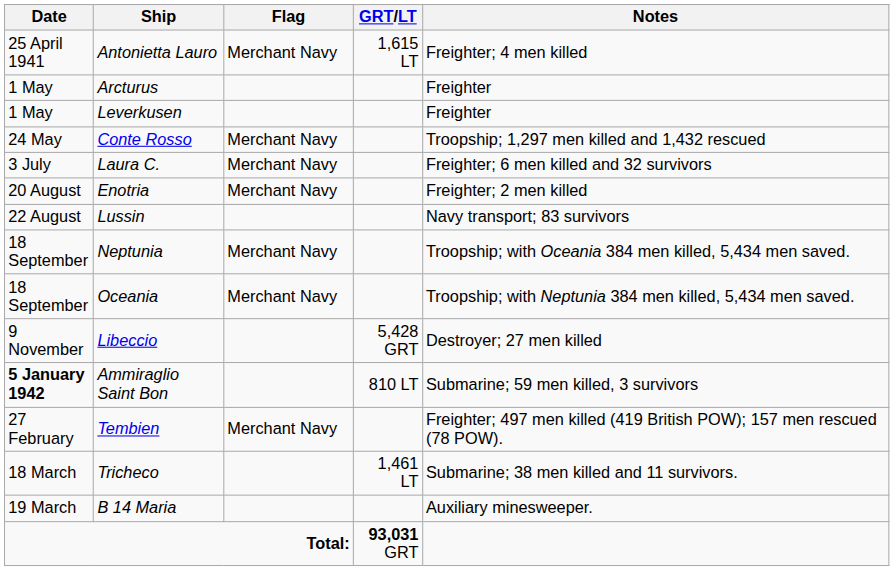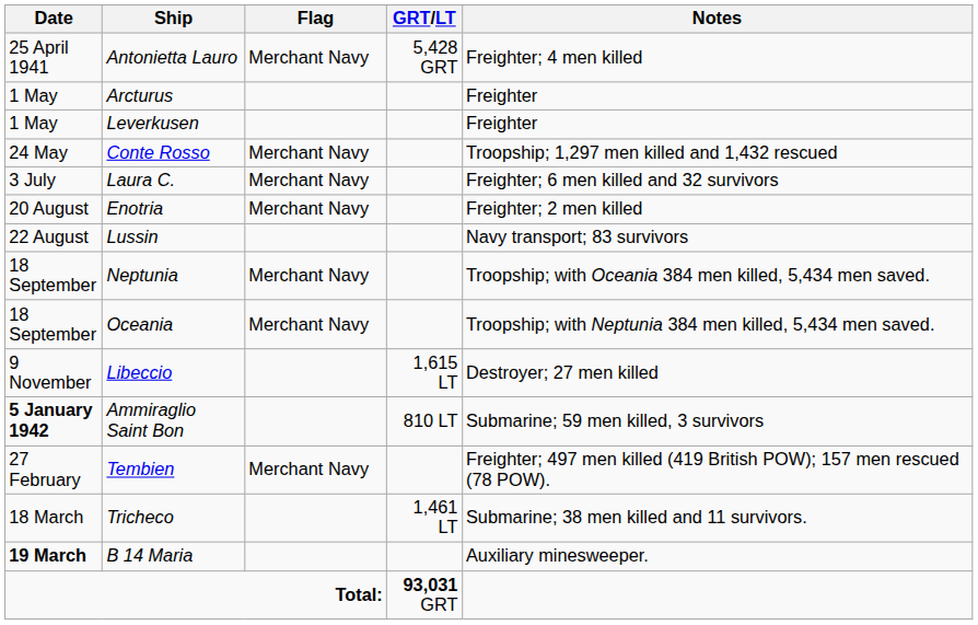 <table class="wikitable sortable">
 <tr>
 </tr>
 <tr>
 <th width="80px">Date</th>
 <th width="120px">Ship</th>
 <th width="120px">Flag</th>
 <th width="60px"><a href='#'>GRT</a>/<a href='#'>LT</a></th>
 <th>Notes</th>
 </tr>
 <tr>
 <td align="left">25 April 1941</td>
 <td align="left"><em>Antonietta Lauro</em></td>
 <td align="left"> Merchant Navy</td>
-<td align="right">1,615 LT</td>
+<td align="right">5,428 GRT</td>
 <td align="left">Freighter; 4 men killed</td>
 </tr>
 <tr>
 <td align="left">1 May</td>
 <td align="left"><em>Arcturus</em></td>
 <td align="left"></td>
 <td align="right"></td>
 <td align="left">Freighter</td>
 </tr>
 <tr>
 <td align="left">1 May</td>
 <td align="left"><em>Leverkusen</em></td>
 <td align="left"></td>
 <td align="right"></td>
 <td align="left">Freighter</td>
 </tr>
 <tr>
 <td align="left">24 May</td>
 <td align="left"><a href='#'><em>Conte Rosso</em></a></td>
 <td align="left"> Merchant Navy</td>
 <td align="right"></td>
 <td align="left">Troopship; 1,297 men killed and 1,432 rescued</td>
 </tr>
 <tr>
 <td align="left">3 July</td>
 <td align="left"><em>Laura C.</em></td>
 <td align="left"> Merchant Navy</td>
 <td align="right"></td>
 <td align="left">Freighter; 6 men killed and 32 survivors</td>
 </tr>
 <tr>
 <td align="left">20 August</td>
 <td align="left"><em>Enotria</em></td>
 <td align="left"> Merchant Navy</td>
 <td align="right"></td>
 <td align="left">Freighter; 2 men killed</td>
 </tr>
 <tr>
 <td align="left">22 August</td>
 <td align="left"><em>Lussin</em></td>
 <td align="left"></td>
 <td align="right"></td>
 <td align="left">Navy transport; 83 survivors</td>
 </tr>
 <tr>
 <td align="left">18 September</td>
 <td align="left"><em>Neptunia</em></td>
 <td align="left"> Merchant Navy</td>
 <td align="right"></td>
 <td align="left">Troopship; with <em>Oceania</em> 384 men killed, 5,434 men saved.</td>
 </tr>
 <tr>
 <td align="left">18 September</td>
 <td align="left"><em>Oceania</em></td>
 <td align="left"> Merchant Navy</td>
 <td align="right"></td>
 <td align="left">Troopship; with <em>Neptunia</em> 384 men killed, 5,434 men saved.</td>
 </tr>
 <tr>
 <td align="left">9 November</td>
 <td align="left"><a href='#'><em>Libeccio</em></a></td>
 <td align="left"></td>
-<td align="right">5,428 GRT</td>
+<td align="right">1,615 LT</td>
 <td align="left">Destroyer; 27 men killed</td>
 </tr>
 <tr>
 <td align="left"><strong>5 January 1942</strong></td>
 <td align="left"><em>Ammiraglio Saint Bon</em></td>
 <td align="left"></td>
 <td align="right">810 LT</td>
 <td align="left">Submarine; 59 men killed, 3 survivors</td>
 </tr>
 <tr>
 <td align="left">27 February</td>
 <td align="left"><a href='#'><em>Tembien</em></a></td>
 <td align="left"> Merchant Navy</td>
 <td align="right"></td>
 <td align="left">Freighter; 497 men killed (419 British POW); 157 men rescued (78 POW).</td>
 </tr>
 <tr>
 <td align="left">18 March</td>
 <td align="left"><em>Tricheco</em></td>
 <td align="left"></td>
 <td align="right">1,461 LT</td>
 <td align="left">Submarine; 38 men killed and 11 survivors.</td>
 </tr>
 <tr>
-<td align="left">19 March</td>
+<td align="left"><strong>19 March</strong></td>
 <td align="left"><em>B 14 Maria</em></td>
 <td align="left"></td>
 <td align="right"></td>
 <td align="left">Auxiliary minesweeper.</td>
 </tr>
 <tr>
 <td colspan=3 align=right><strong>Total:</strong></td>
 <td align="right"><strong>93,031</strong> GRT</td>
 <td></td>
 </tr>
 </table>
